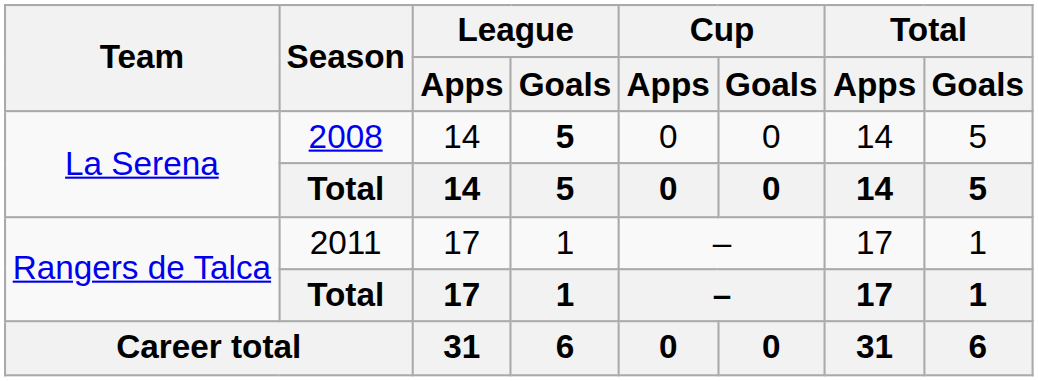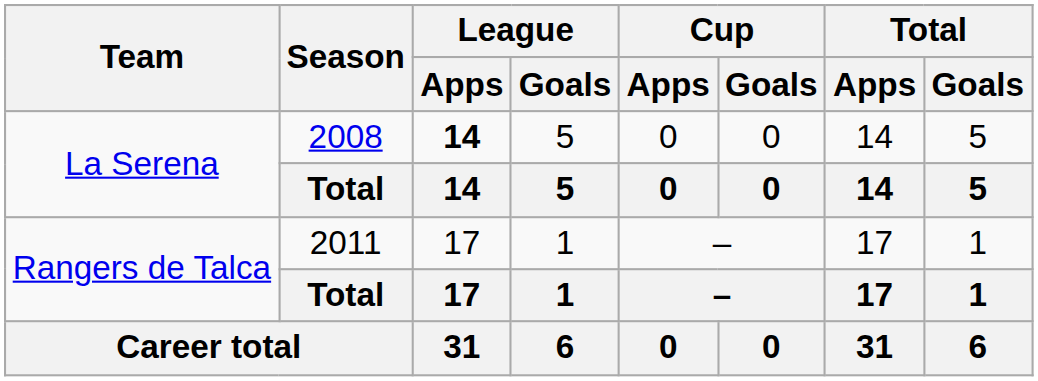 <table class="wikitable" style=text-align:center>
 <tr>
 <th rowspan=2>Team</th>
 <th rowspan=2>Season</th>
 <th colspan=2>League</th>
 <th colspan=2>Cup</th>
 <th colspan=2>Total</th>
 </tr>
 <tr>
 <th>Apps</th>
 <th>Goals</th>
 <th>Apps</th>
 <th>Goals</th>
 <th>Apps</th>
 <th>Goals</th>
 </tr>
 <tr>
 <td rowspan="2"><a href='#'>La Serena</a></td>
 <td><a href='#'>2008</a></td>
-<td>14</td>
-<td><strong>5</strong></td>
+<td><strong>14</strong></td>
+<td>5</td>
 <td>0</td>
 <td>0</td>
 <td>14</td>
 <td>5</td>
 </tr>
 <tr>
 <th>Total</th>
 <th>14</th>
 <th>5</th>
 <th>0</th>
 <th>0</th>
 <th>14</th>
 <th>5</th>
 </tr>
 <tr>
 <td rowspan="2"><a href='#'>Rangers de Talca</a></td>
 <td>2011</td>
 <td>17</td>
 <td>1</td>
 <td colspan="2">–</td>
 <td>17</td>
 <td>1</td>
 </tr>
 <tr>
 <th>Total</th>
 <th>17</th>
 <th>1</th>
 <th colspan="2">–</th>
 <th>17</th>
 <th>1</th>
 </tr>
 <tr>
 <th colspan=2>Career total</th>
 <th>31</th>
 <th>6</th>
 <th>0</th>
 <th>0</th>
 <th>31</th>
 <th>6</th>
 </tr>
 </table>
